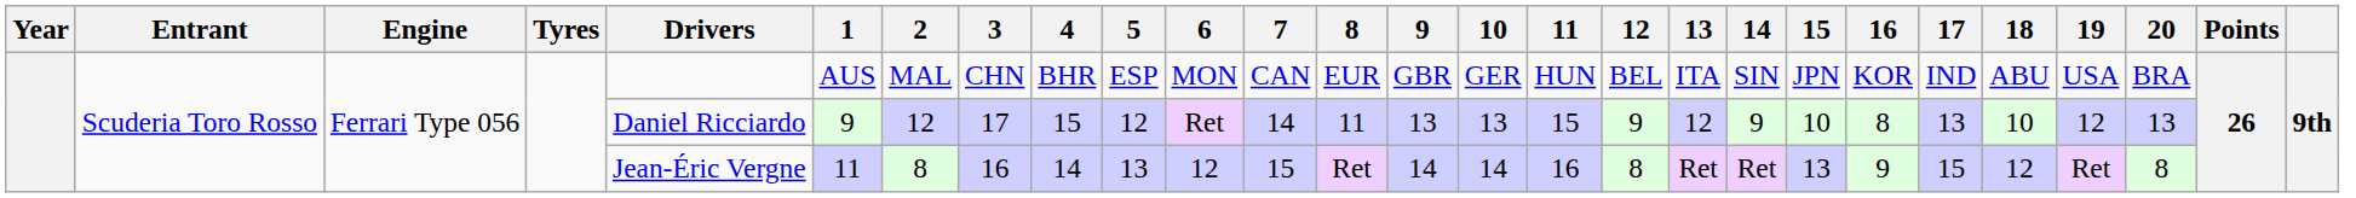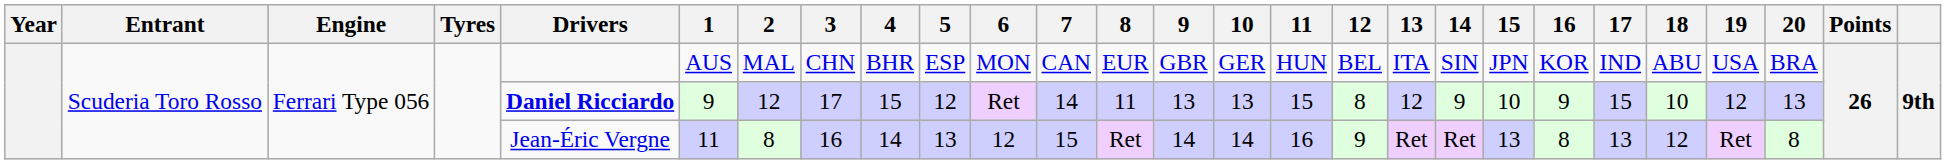 <table class="wikitable" style="text-align:center; font-size:95%">
 <tr>
 <th>Year</th>
 <th>Entrant</th>
 <th>Engine</th>
 <th>Tyres</th>
 <th>Drivers</th>
 <th>1</th>
 <th>2</th>
 <th>3</th>
 <th>4</th>
 <th>5</th>
 <th>6</th>
 <th>7</th>
 <th>8</th>
 <th>9</th>
 <th>10</th>
 <th>11</th>
 <th>12</th>
 <th>13</th>
 <th>14</th>
 <th>15</th>
 <th>16</th>
 <th>17</th>
 <th>18</th>
 <th>19</th>
 <th>20</th>
 <th>Points</th>
 <th></th>
 </tr>
 <tr>
 <th rowspan=3></th>
 <td rowspan=3><a href='#'>Scuderia Toro Rosso</a></td>
 <td rowspan=3><a href='#'>Ferrari</a> Type 056</td>
 <td rowspan=3></td>
 <td></td>
 <td><a href='#'>AUS</a></td>
 <td><a href='#'>MAL</a></td>
 <td><a href='#'>CHN</a></td>
 <td><a href='#'>BHR</a></td>
 <td><a href='#'>ESP</a></td>
 <td><a href='#'>MON</a></td>
 <td><a href='#'>CAN</a></td>
 <td><a href='#'>EUR</a></td>
 <td><a href='#'>GBR</a></td>
 <td><a href='#'>GER</a></td>
 <td><a href='#'>HUN</a></td>
 <td><a href='#'>BEL</a></td>
 <td><a href='#'>ITA</a></td>
 <td><a href='#'>SIN</a></td>
 <td><a href='#'>JPN</a></td>
 <td><a href='#'>KOR</a></td>
 <td><a href='#'>IND</a></td>
 <td><a href='#'>ABU</a></td>
 <td><a href='#'>USA</a></td>
 <td><a href='#'>BRA</a></td>
 <th rowspan="3">26</th>
 <th rowspan="3">9th</th>
 </tr>
 <tr>
-<td> <a href='#'>Daniel Ricciardo</a></td>
+<td><strong> <a href='#'>Daniel Ricciardo</a></strong></td>
 <td style="background:#dfffdf;">9</td>
 <td style="background:#cfcfff;">12</td>
 <td style="background:#cfcfff;">17</td>
 <td style="background:#cfcfff;">15</td>
 <td style="background:#cfcfff;">12</td>
 <td style="background:#efcfff;">Ret</td>
 <td style="background:#cfcfff;">14</td>
 <td style="background:#cfcfff;">11</td>
 <td style="background:#cfcfff;">13</td>
 <td style="background:#cfcfff;">13</td>
 <td style="background:#cfcfff;">15</td>
-<td style="background:#dfffdf;">9</td>
+<td style="background:#dfffdf;">8</td>
 <td style="background:#cfcfff;">12</td>
 <td style="background:#dfffdf;">9</td>
 <td style="background:#dfffdf;">10</td>
-<td style="background:#dfffdf;">8</td>
-<td style="background:#cfcfff;">13</td>
+<td style="background:#dfffdf;">9</td>
+<td style="background:#cfcfff;">15</td>
 <td style="background:#dfffdf;">10</td>
 <td style="background:#cfcfff;">12</td>
 <td style="background:#cfcfff;">13</td>
 </tr>
 <tr>
 <td> <a href='#'>Jean-Éric Vergne</a></td>
 <td style="background:#CFCFFF;">11</td>
 <td style="background:#dfffdf;">8</td>
 <td style="background:#cfcfff;">16</td>
 <td style="background:#cfcfff;">14</td>
 <td style="background:#cfcfff;">13</td>
 <td style="background:#cfcfff;">12</td>
 <td style="background:#cfcfff;">15</td>
 <td style="background:#efcfff;">Ret</td>
 <td style="background:#cfcfff;">14</td>
 <td style="background:#cfcfff;">14</td>
 <td style="background:#cfcfff;">16</td>
-<td style="background:#dfffdf;">8</td>
+<td style="background:#dfffdf;">9</td>
 <td style="background:#efcfff;">Ret</td>
 <td style="background:#efcfff;">Ret</td>
 <td style="background:#cfcfff;">13</td>
-<td style="background:#dfffdf;">9</td>
-<td style="background:#cfcfff;">15</td>
+<td style="background:#dfffdf;">8</td>
+<td style="background:#cfcfff;">13</td>
 <td style="background:#cfcfff;">12</td>
 <td style="background:#efcfff;">Ret</td>
 <td style="background:#dfffdf;">8</td>
 </tr>
 </table>
